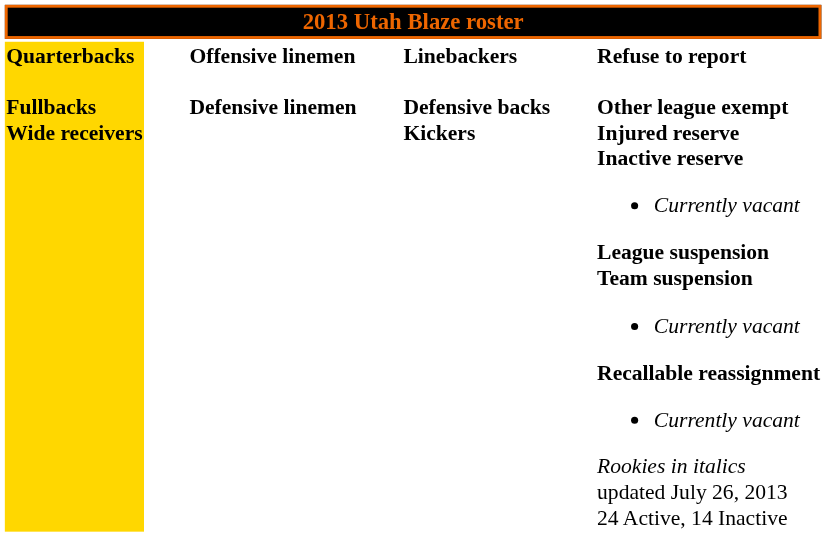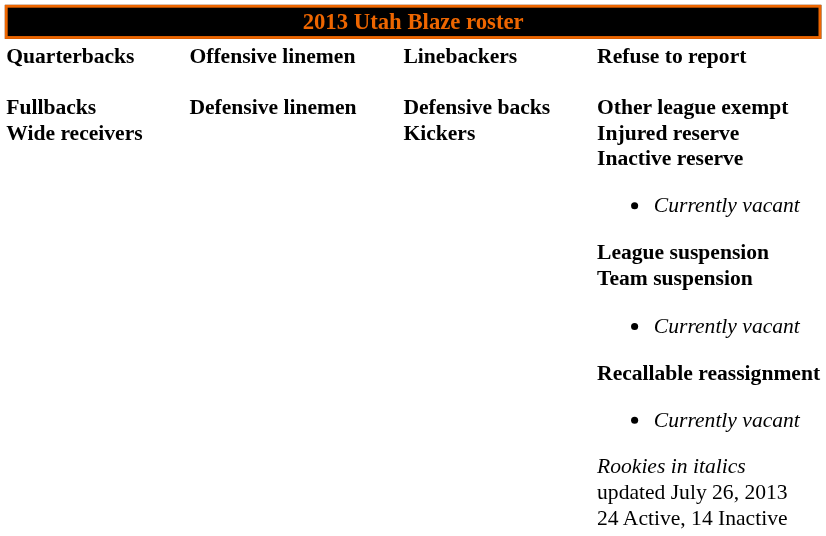 <table class="toccolours" style="text-align: left;">
 <tr>
 <th colspan=7 style="background:#000; border: 2px solid #e60; color:#e60; text-align:center;"><strong>2013 Utah Blaze roster</strong></th>
 </tr>
 <tr>
-<td style="background: gold; font-size: 95%;" valign="top"><strong>Quarterbacks</strong><br><br><strong>Fullbacks</strong> <br><strong>Wide receivers</strong>      </td>
+<td style="font-size: 95%;" valign="top"><strong>Quarterbacks</strong><br><br><strong>Fullbacks</strong> <br><strong>Wide receivers</strong>      </td>
 <td style="width: 25px;"></td>
 <td style="font-size: 95%;" valign="top"><strong>Offensive linemen</strong><br>    <br><strong>Defensive linemen</strong>    </td>
 <td style="width: 25px;"></td>
 <td style="font-size: 95%;" valign="top"><strong>Linebackers</strong><br><br><strong>Defensive backs</strong>     <br><strong>Kickers</strong> </td>
 <td style="width: 25px;"></td>
 <td style="font-size: 95%;" valign="top"><strong>Refuse to report</strong><br><br><strong>Other league exempt</strong>    <br><strong>Injured reserve</strong>        <br><strong>Inactive reserve</strong><ul><li><em>Currently vacant</em></li></ul><strong>League suspension</strong> <br><strong>Team suspension</strong><ul><li><em>Currently vacant</em></li></ul><strong>Recallable reassignment</strong><ul><li><em>Currently vacant</em></li></ul> <em>Rookies in italics</em><br>  updated July 26, 2013<br> 24 Active, 14 Inactive </td>
 </tr>
 <tr>
 </tr>
 </table>
